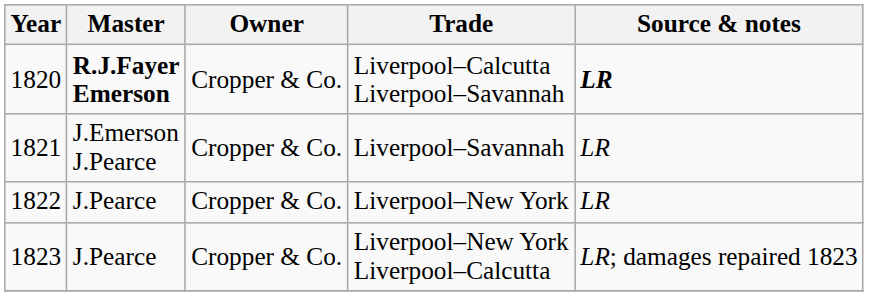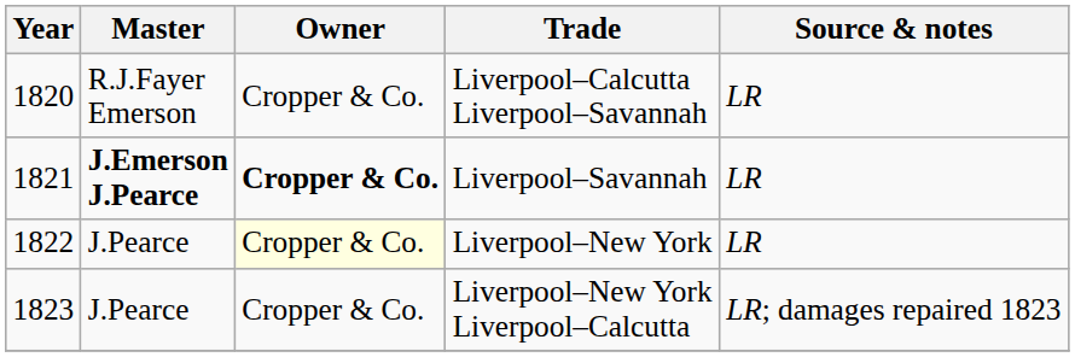 <table class=" wikitable">
 <tr>
 <th>Year</th>
 <th>Master</th>
 <th>Owner</th>
 <th>Trade</th>
 <th>Source & notes</th>
 </tr>
 <tr>
 <td>1820</td>
-<td><strong>R.J.Fayer<br>Emerson</strong></td>
+<td>R.J.Fayer<br>Emerson</td>
 <td>Cropper & Co.</td>
 <td>Liverpool–Calcutta<br>Liverpool–Savannah</td>
-<td><strong><em>LR</em></strong></td>
+<td><em>LR</em></td>
 </tr>
 <tr>
 <td>1821</td>
-<td>J.Emerson<br>J.Pearce</td>
-<td>Cropper & Co.</td>
+<td><strong>J.Emerson<br>J.Pearce</strong></td>
+<td><strong>Cropper & Co.</strong></td>
 <td>Liverpool–Savannah</td>
 <td><em>LR</em></td>
 </tr>
 <tr>
 <td>1822</td>
 <td>J.Pearce</td>
-<td>Cropper & Co.</td>
+<td style="background: lightyellow;">Cropper & Co.</td>
 <td>Liverpool–New York</td>
 <td><em>LR</em></td>
 </tr>
 <tr>
 <td>1823</td>
 <td>J.Pearce</td>
 <td>Cropper & Co.</td>
 <td>Liverpool–New York<br>Liverpool–Calcutta</td>
 <td><em>LR</em>; damages repaired 1823</td>
 </tr>
 <tr>
 </tr>
 </table>
